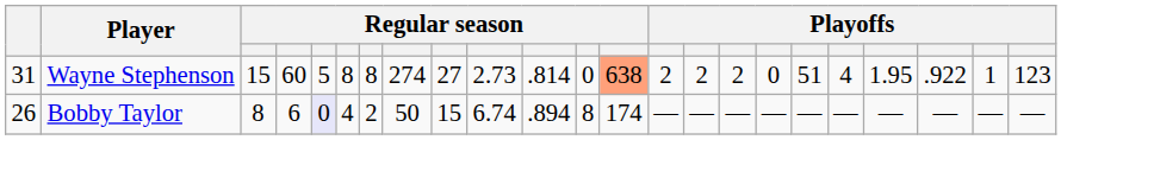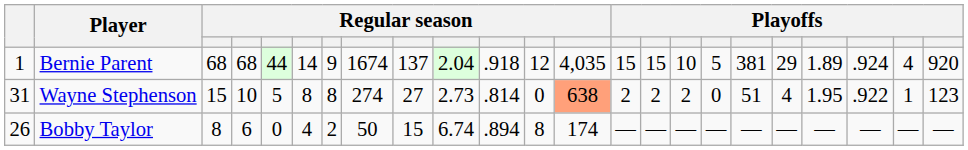 <table class="wikitable plainrowheaders" style="text-align:center;">
 <tr>
 <th scope="col" rowspan="2"></th>
 <th scope="col" rowspan="2">Player</th>
 <th scope=colgroup colspan=11>Regular season</th>
 <th scope=colgroup colspan=10>Playoffs</th>
 </tr>
 <tr>
 <th scope="col"></th>
 <th scope="col"></th>
 <th scope="col"></th>
 <th scope="col"></th>
 <th scope="col"></th>
 <th scope="col"></th>
 <th scope="col"></th>
 <th scope="col"></th>
 <th scope="col"></th>
 <th scope="col"></th>
 <th scope="col"></th>
 <th scope="col"></th>
 <th scope="col"></th>
 <th scope="col"></th>
 <th scope="col"></th>
 <th scope="col"></th>
 <th scope="col"></th>
 <th scope="col"></th>
 <th scope="col"></th>
 <th scope="col"></th>
 <th scope="col"></th>
 </tr>
 <tr>
+<td scope="row">1</td>
+<td align="left"><a href='#'>Bernie Parent</a></td>
+<td>68</td>
+<td>68</td>
+<td style="background:#DDFFDD;">44</td>
+<td>14</td>
+<td>9</td>
+<td>1674</td>
+<td>137</td>
+<td style="background:#DDFFDD;">2.04</td>
+<td>.918</td>
+<td>12</td>
+<td>4,035</td>
+<td>15</td>
+<td>15</td>
+<td>10</td>
+<td>5</td>
+<td>381</td>
+<td>29</td>
+<td>1.89</td>
+<td>.924</td>
+<td>4</td>
+<td>920</td>
+</tr>
+<tr>
 <td scope="row">31</td>
 <td align="left"><a href='#'>Wayne Stephenson</a></td>
 <td>15</td>
-<td>60</td>
+<td>10</td>
 <td>5</td>
 <td>8</td>
 <td>8</td>
 <td>274</td>
 <td>27</td>
 <td>2.73</td>
 <td>.814</td>
 <td>0</td>
 <td style="background: lightsalmon;">638</td>
 <td>2</td>
 <td>2</td>
 <td>2</td>
 <td>0</td>
 <td>51</td>
 <td>4</td>
 <td>1.95</td>
 <td>.922</td>
 <td>1</td>
 <td>123</td>
 </tr>
 <tr>
 <td scope="row">26</td>
 <td align="left"><a href='#'>Bobby Taylor</a></td>
 <td>8</td>
 <td>6</td>
-<td style="background: lavender;">0</td>
+<td>0</td>
 <td>4</td>
 <td>2</td>
 <td>50</td>
 <td>15</td>
 <td>6.74</td>
 <td>.894</td>
 <td>8</td>
 <td>174</td>
 <td>—</td>
 <td>—</td>
 <td>—</td>
 <td>—</td>
 <td>—</td>
 <td>—</td>
 <td>—</td>
 <td>—</td>
 <td>—</td>
 <td>—</td>
 </tr>
 </table>
